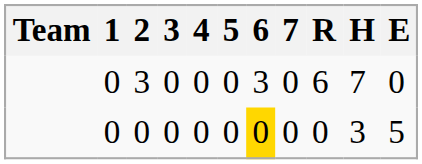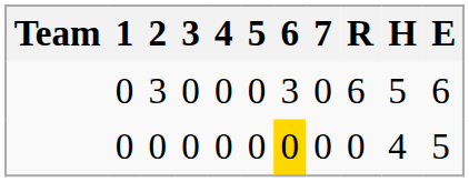 <table class="wikitable">
 <tr>
 <th style="border-style: none none none none;">Team</th>
 <th style="border-style: none none none none;">1</th>
 <th style="border-style: none none none none;">2</th>
 <th style="border-style: none none none none;">3</th>
 <th style="border-style: none none none none;">4</th>
 <th style="border-style: none none none none;">5</th>
 <th style="border-style: none none none none;">6</th>
 <th style="border-style: none none none none;">7</th>
 <th style="border-style: none none none none;">R</th>
 <th style="border-style: none none none none;">H</th>
 <th style="border-style: none none none none;">E</th>
 </tr>
 <tr>
 <td style="border-style: none none none none;"></td>
 <td style="border-style: none none none none;">0</td>
 <td style="border-style: none none none none;">3</td>
 <td style="border-style: none none none none;">0</td>
 <td style="border-style: none none none none;">0</td>
 <td style="border-style: none none none none;">0</td>
 <td style="border-style: none none none none;">3</td>
 <td style="border-style: none none none none;">0</td>
 <td style="border-style: none none none none;">6</td>
-<td style="border-style: none none none none;">7</td>
-<td style="border-style: none none none none;">0</td>
+<td style="border-style: none none none none;">5</td>
+<td style="border-style: none none none none;">6</td>
 </tr>
 <tr>
 <td style="border-style: none none none none;"></td>
 <td style="border-style: none none none none;">0</td>
 <td style="border-style: none none none none;">0</td>
 <td style="border-style: none none none none;">0</td>
 <td style="border-style: none none none none;">0</td>
 <td style="border-style: none none none none;">0</td>
 <td style="background: gold; border-style: none none none none;">0</td>
 <td style="border-style: none none none none;">0</td>
 <td style="border-style: none none none none;">0</td>
-<td style="border-style: none none none none;">3</td>
+<td style="border-style: none none none none;">4</td>
 <td style="border-style: none none none none;">5</td>
 </tr>
 </table>
